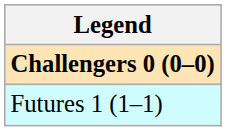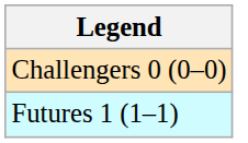 <table class=wikitable style=font-size:97%>
 <tr>
 <th>Legend</th>
 </tr>
 <tr style="background:moccasin;">
-<td><strong>Challengers 0 (0–0)</strong></td>
+<td>Challengers 0 (0–0)</td>
 </tr>
 <tr style="background:#cffcff;">
 <td>Futures 1 (1–1)</td>
 </tr>
 </table>
